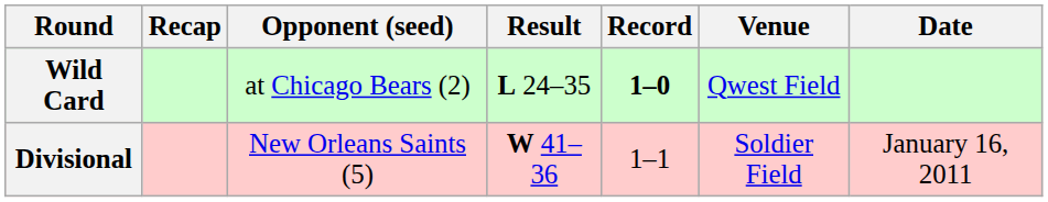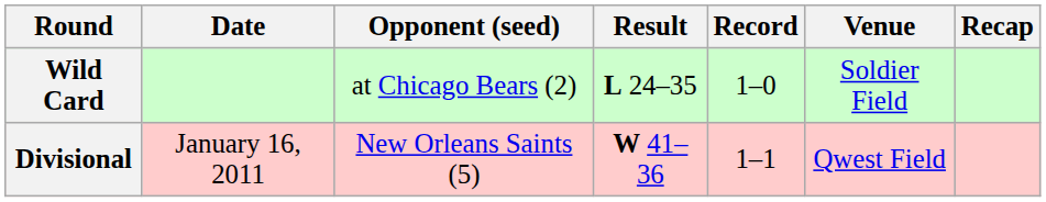 <table class="wikitable" style="text-align:center">
 <tr>
 <th>Round</th>
-<th>Recap</th>
+<th>Date</th>
 <th>Opponent (seed)</th>
 <th>Result</th>
 <th>Record</th>
 <th>Venue</th>
-<th>Date</th>
+<th>Recap</th>
 </tr>
 <tr style="background:#cfc">
 <th>Wild Card</th>
 <td></td>
 <td>at <a href='#'>Chicago Bears</a> (2)</td>
 <td><strong>L</strong> 24–35</td>
-<td><strong>1–0</strong></td>
-<td><a href='#'>Qwest Field</a></td>
+<td>1–0</td>
+<td><a href='#'>Soldier Field</a></td>
 <td></td>
 </tr>
 <tr style="background:#fcc">
 <th>Divisional</th>
-<td></td>
+<td>January 16, 2011</td>
 <td><a href='#'>New Orleans Saints</a> (5)</td>
 <td><strong>W</strong> <a href='#'>41–36</a></td>
 <td>1–1</td>
-<td><a href='#'>Soldier Field</a></td>
-<td>January 16, 2011</td>
+<td><a href='#'>Qwest Field</a></td>
+<td></td>
 </tr>
 </table>
